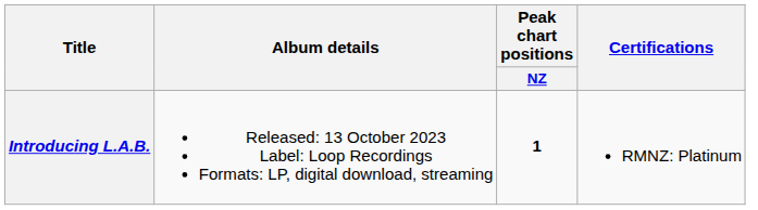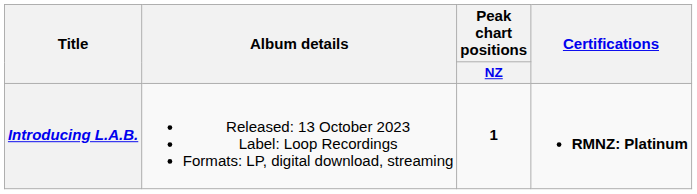 <table class="wikitable plainrowheaders" style="text-align:center;">
 <tr>
 <th scope="col" rowspan="2">Title</th>
 <th scope="col" rowspan="2">Album details</th>
 <th scope="col" colspan="1">Peak chart positions</th>
 <th scope="col" rowspan="2"><a href='#'>Certifications</a></th>
 </tr>
 <tr>
 <th scope="col" style="width:2.5em;font-size:90%;"><a href='#'>NZ</a><br></th>
 </tr>
 <tr>
 <th scope="row"><em><a href='#'>Introducing L.A.B.</a></em></th>
 <td><br><ul><li>Released: 13 October 2023</li><li>Label: Loop Recordings</li><li>Formats: LP, digital download, streaming</li></ul></td>
 <td><strong>1</strong></td>
-<td><br><ul><li>RMNZ: Platinum</li></ul></td>
+<td><strong><br><ul><li>RMNZ: Platinum</li></ul></strong></td>
 </tr>
 </table>
